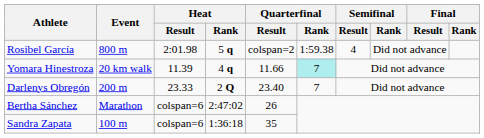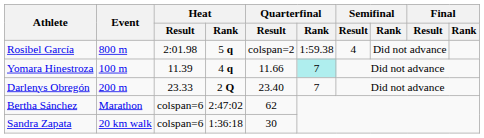 <table class=wikitable style="font-size:90%">
 <tr>
 <th rowspan="2">Athlete</th>
 <th rowspan="2">Event</th>
 <th colspan="2">Heat</th>
 <th colspan="2">Quarterfinal</th>
 <th colspan="2">Semifinal</th>
 <th colspan="2">Final</th>
 </tr>
 <tr style="font-size:95%">
 <th>Result</th>
 <th>Rank</th>
 <th>Result</th>
 <th>Rank</th>
 <th>Result</th>
 <th>Rank</th>
 <th>Result</th>
 <th>Rank</th>
 </tr>
 <tr align=center>
 <td align=left><a href='#'>Rosibel García</a></td>
 <td align=left><a href='#'>800 m</a></td>
 <td>2:01.98</td>
 <td>5 <strong>q</strong></td>
 <td>colspan=2 </td>
 <td>1:59.38 <strong></strong></td>
 <td>4</td>
 <td colspan=2>Did not advance</td>
 </tr>
 <tr align=center>
 <td align=left><a href='#'>Yomara Hinestroza</a></td>
-<td align=left><a href='#'>20 km walk</a></td>
+<td align=left><a href='#'>100 m</a></td>
 <td>11.39</td>
 <td>4 <strong>q</strong></td>
 <td>11.66</td>
 <td style="background: paleturquoise;">7</td>
 <td colspan=4>Did not advance</td>
 </tr>
 <tr align=center>
 <td align=left><a href='#'>Darlenys Obregón</a></td>
 <td align=left><a href='#'>200 m</a></td>
 <td>23.33</td>
 <td>2 <strong>Q</strong></td>
 <td>23.40</td>
 <td>7</td>
 <td colspan=4>Did not advance</td>
 </tr>
 <tr align=center>
 <td align=left><a href='#'>Bertha Sánchez</a></td>
 <td align=left><a href='#'>Marathon</a></td>
 <td>colspan=6 </td>
 <td>2:47:02</td>
-<td>26</td>
+<td>62</td>
 </tr>
 <tr align=center>
 <td align=left><a href='#'>Sandra Zapata</a></td>
-<td align=left><a href='#'>100 m</a></td>
+<td align=left><a href='#'>20 km walk</a></td>
 <td>colspan=6 </td>
 <td>1:36:18</td>
-<td>35</td>
+<td>30</td>
 </tr>
 </table>
